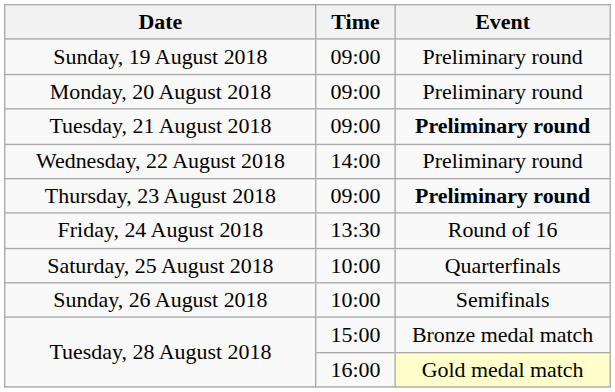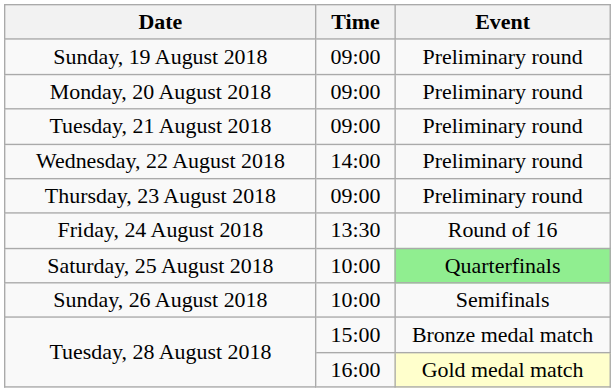 <table class = "wikitable" style="text-align:center;">
 <tr>
 <th width=220>Date</th>
 <th width=50>Time</th>
 <th width=150>Event</th>
 </tr>
 <tr>
 <td>Sunday, 19 August 2018</td>
 <td>09:00</td>
 <td>Preliminary round</td>
 </tr>
 <tr>
 <td>Monday, 20 August 2018</td>
 <td>09:00</td>
 <td>Preliminary round</td>
 </tr>
 <tr>
 <td>Tuesday, 21 August 2018</td>
 <td>09:00</td>
-<td><strong>Preliminary round</strong></td>
+<td>Preliminary round</td>
 </tr>
 <tr>
 <td>Wednesday, 22 August 2018</td>
 <td>14:00</td>
 <td>Preliminary round</td>
 </tr>
 <tr>
 <td>Thursday, 23 August 2018</td>
 <td>09:00</td>
-<td><strong>Preliminary round</strong></td>
+<td>Preliminary round</td>
 </tr>
 <tr>
 <td>Friday, 24 August 2018</td>
 <td>13:30</td>
 <td>Round of 16</td>
 </tr>
 <tr>
 <td>Saturday, 25 August 2018</td>
 <td>10:00</td>
-<td>Quarterfinals</td>
+<td style="background: lightgreen;">Quarterfinals</td>
 </tr>
 <tr>
 <td>Sunday, 26 August 2018</td>
 <td>10:00</td>
 <td>Semifinals</td>
 </tr>
 <tr>
 <td rowspan=2>Tuesday, 28 August 2018</td>
 <td>15:00</td>
 <td>Bronze medal match</td>
 </tr>
 <tr>
 <td>16:00</td>
 <td bgcolor=ffffcc>Gold medal match</td>
 </tr>
 </table>
